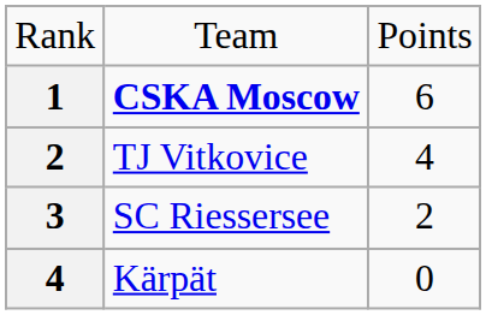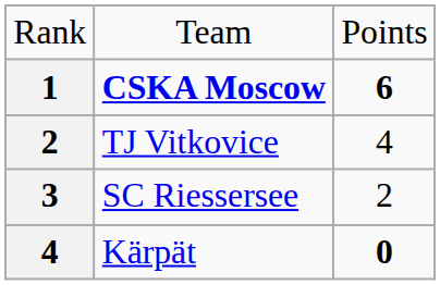 <table class="wikitable" style="text-align: center;">
 <tr>
 <td>Rank</td>
 <td>Team</td>
 <td>Points</td>
 </tr>
 <tr>
 <th>1</th>
 <td style="text-align: left;"> <strong><a href='#'>CSKA Moscow</a></strong></td>
-<td>6</td>
+<td><strong>6</strong></td>
 </tr>
 <tr>
 <th>2</th>
 <td style="text-align: left;"> <a href='#'>TJ Vitkovice</a></td>
 <td>4</td>
 </tr>
 <tr>
 <th>3</th>
 <td style="text-align: left;"> <a href='#'>SC Riessersee</a></td>
 <td>2</td>
 </tr>
 <tr>
 <th>4</th>
 <td style="text-align: left;"> <a href='#'>Kärpät</a></td>
-<td>0</td>
+<td><strong>0</strong></td>
 </tr>
 </table>
